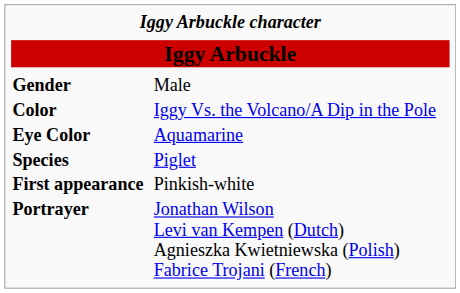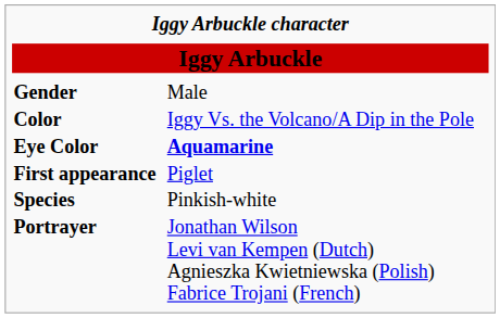 <table class="infobox" style="width: 25em;">
 <tr>
 <td colspan="2" style="text-align:center;"><strong><em>Iggy Arbuckle character</em></strong></td>
 </tr>
 <tr>
 <td colspan="2" style="text-align:center;"></td>
 </tr>
 <tr>
 <th colspan="2" style="font-size: larger; background-color:#c00; color:#000;"><strong>Iggy Arbuckle</strong></th>
 </tr>
 <tr>
 <td colspan="2"></td>
 </tr>
 <tr>
 <td><strong>Gender</strong></td>
 <td>Male</td>
 </tr>
 <tr>
 <td><strong>Color</strong></td>
 <td><a href='#'>Iggy Vs. the Volcano/A Dip in the Pole</a></td>
 </tr>
 <tr>
 <td><strong>Eye Color</strong></td>
-<td><a href='#'>Aquamarine</a></td>
+<td><strong><a href='#'>Aquamarine</a></strong></td>
+</tr>
+<tr>
+<td><strong>First appearance</strong></td>
+<td><a href='#'>Piglet</a></td>
 </tr>
 <tr>
 <td><strong>Species</strong></td>
-<td><a href='#'>Piglet</a></td>
-</tr>
-<tr>
-<td><strong>First appearance</strong></td>
 <td>Pinkish-white</td>
 </tr>
 <tr>
 <td><strong>Portrayer</strong></td>
 <td><a href='#'>Jonathan Wilson</a><br><a href='#'>Levi van Kempen</a> (<a href='#'>Dutch</a>)<br>Agnieszka Kwietniewska (<a href='#'>Polish</a>)<br><a href='#'>Fabrice Trojani</a> (<a href='#'>French</a>)</td>
 </tr>
 </table>
